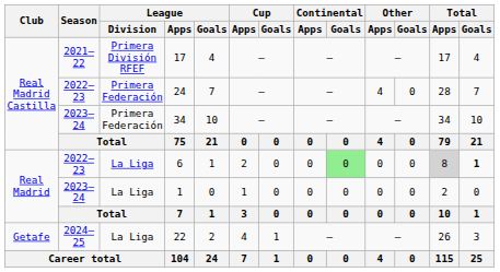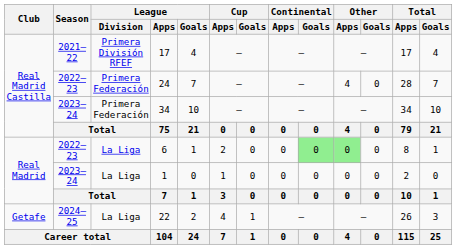 <table class="wikitable" style="text-align:center">
 <tr>
 <th rowspan="2">Club</th>
 <th rowspan="2">Season</th>
 <th colspan="3">League</th>
 <th colspan="2">Cup</th>
 <th colspan="2">Continental</th>
 <th colspan="2">Other</th>
 <th colspan="2">Total</th>
 </tr>
 <tr>
 <th>Division</th>
 <th>Apps</th>
 <th>Goals</th>
 <th>Apps</th>
 <th>Goals</th>
 <th>Apps</th>
 <th>Goals</th>
 <th>Apps</th>
 <th>Goals</th>
 <th>Apps</th>
 <th>Goals</th>
 </tr>
 <tr>
 <td rowspan="4"><a href='#'>Real Madrid Castilla</a></td>
 <td><a href='#'>2021–22</a></td>
 <td><a href='#'>Primera División RFEF</a></td>
 <td>17</td>
 <td>4</td>
 <td colspan="2">—</td>
 <td colspan="2">—</td>
 <td colspan="2">—</td>
 <td>17</td>
 <td>4</td>
 </tr>
 <tr>
 <td><a href='#'>2022–23</a></td>
 <td><a href='#'>Primera Federación</a></td>
 <td>24</td>
 <td>7</td>
 <td colspan="2">—</td>
 <td colspan="2">—</td>
 <td>4</td>
 <td>0</td>
 <td>28</td>
 <td>7</td>
 </tr>
 <tr>
 <td><a href='#'>2023–24</a></td>
 <td>Primera Federación</td>
 <td>34</td>
 <td>10</td>
 <td colspan="2">—</td>
 <td colspan="2">—</td>
 <td colspan="2">—</td>
 <td>34</td>
 <td>10</td>
 </tr>
 <tr>
 <th colspan="2">Total</th>
 <th>75</th>
 <th>21</th>
 <th>0</th>
 <th>0</th>
 <th>0</th>
 <th>0</th>
 <th>4</th>
 <th>0</th>
 <th>79</th>
 <th>21</th>
 </tr>
 <tr>
 <td rowspan="3"><a href='#'>Real Madrid</a></td>
 <td><a href='#'>2022–23</a></td>
 <td><a href='#'>La Liga</a></td>
 <td>6</td>
 <td>1</td>
 <td>2</td>
 <td>0</td>
 <td>0</td>
 <td style="background: lightgreen;">0</td>
+<td style="background: lightgreen;">0</td>
 <td>0</td>
-<td>0</td>
-<td style="background: lightgrey;">8</td>
-<td><strong>1</strong></td>
+<td>8</td>
+<td>1</td>
 </tr>
 <tr>
 <td><a href='#'>2023–24</a></td>
 <td>La Liga</td>
 <td>1</td>
 <td>0</td>
 <td>1</td>
 <td>0</td>
 <td>0</td>
 <td>0</td>
 <td>0</td>
 <td>0</td>
 <td>2</td>
 <td>0</td>
 </tr>
 <tr>
 <th colspan="2">Total</th>
 <th>7</th>
 <th>1</th>
 <th>3</th>
 <th>0</th>
 <th>0</th>
 <th>0</th>
 <th>0</th>
 <th>0</th>
 <th>10</th>
 <th>1</th>
 </tr>
 <tr>
 <td><a href='#'>Getafe</a></td>
 <td><a href='#'>2024–25</a></td>
 <td>La Liga</td>
 <td>22</td>
 <td>2</td>
 <td>4</td>
 <td>1</td>
 <td colspan="2">—</td>
 <td colspan="2">—</td>
 <td>26</td>
 <td>3</td>
 </tr>
 <tr>
 <th colspan="3">Career total</th>
 <th>104</th>
 <th>24</th>
 <th>7</th>
 <th>1</th>
 <th>0</th>
 <th>0</th>
 <th>4</th>
 <th>0</th>
 <th>115</th>
 <th>25</th>
 </tr>
 </table>
